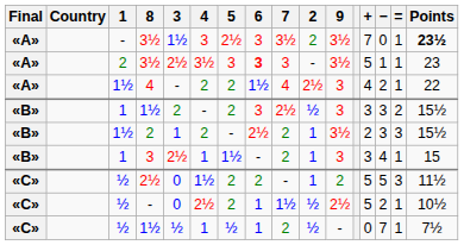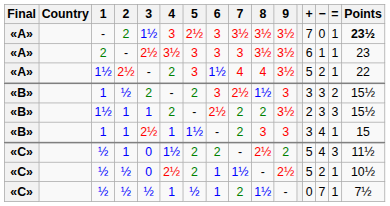 <table class="wikitable" style="text-align:center">
 <tr>
 <th>Final</th>
 <th>Country</th>
 <th>1</th>
-<th>8</th>
+<th>2</th>
 <th>3</th>
 <th>4</th>
 <th>5</th>
 <th>6</th>
 <th>7</th>
-<th>2</th>
+<th>8</th>
 <th>9</th>
 <th></th>
 <th>+</th>
 <th>−</th>
 <th>=</th>
 <th>Points</th>
 </tr>
 <tr>
 <th>«A»</th>
 <td style="text-align: left"></td>
 <td>-</td>
-<td style="color: red;">3½</td>
+<td style="color: green">2</td>
 <td style="color: blue;">1½</td>
 <td style="color: red;">3</td>
 <td style="color: red;">2½</td>
 <td style="color: red;">3</td>
 <td style="color: red;">3½</td>
-<td style="color: green">2</td>
+<td style="color: red;">3½</td>
 <td style="color: red;">3½</td>
 <th></th>
 <td>7</td>
 <td>0</td>
 <td>1</td>
 <td><strong>23½</strong></td>
 </tr>
 <tr>
 <th>«A»</th>
 <td style="text-align: left"></td>
 <td style="color: green">2</td>
-<td style="color: red;">3½</td>
+<td>-</td>
 <td style="color: red;">2½</td>
 <td style="color: red;">3½</td>
 <td style="color: red;">3</td>
-<td style="color: red;"><strong>3</strong></td>
 <td style="color: red;">3</td>
-<td>-</td>
+<td style="color: red;">3</td>
+<td style="color: red;">3½</td>
 <td style="color: red;">3½</td>
 <th></th>
-<td>5</td>
+<td>6</td>
 <td>1</td>
 <td>1</td>
 <td>23</td>
 </tr>
 <tr>
 <th>«A»</th>
 <td style="text-align: left"></td>
 <td style="color: blue;">1½</td>
-<td style="color: red;">4</td>
+<td style="color: red;">2½</td>
 <td>-</td>
 <td style="color: green">2</td>
-<td style="color: green">2</td>
+<td style="color: red;">3</td>
 <td style="color: blue;">1½</td>
 <td style="color: red;">4</td>
-<td style="color: red;">2½</td>
-<td style="color: red;">3</td>
+<td style="color: red;">4</td>
+<td style="color: red;">3½</td>
 <th></th>
-<td>4</td>
+<td>5</td>
 <td>2</td>
 <td>1</td>
 <td>22</td>
 </tr>
 <tr style="border-top:2px solid grey;">
 <th>«B»</th>
 <td style="text-align: left"></td>
 <td style="color: blue;">1</td>
-<td style="color: blue;">1½</td>
+<td style="color: blue;">½</td>
 <td style="color: green">2</td>
 <td>-</td>
 <td style="color: green">2</td>
 <td style="color: red;">3</td>
 <td style="color: red;">2½</td>
-<td style="color: blue;">½</td>
+<td style="color: blue;">1½</td>
 <td style="color: red;">3</td>
 <th></th>
 <td>3</td>
 <td>3</td>
 <td>2</td>
 <td>15½</td>
 </tr>
 <tr>
 <th>«B»</th>
 <td style="text-align: left"></td>
 <td style="color: blue;">1½</td>
-<td style="color: green">2</td>
+<td style="color: blue;">1</td>
 <td style="color: blue;">1</td>
 <td style="color: green">2</td>
 <td>-</td>
 <td style="color: red;">2½</td>
 <td style="color: green">2</td>
-<td style="color: blue;">1</td>
+<td style="color: green">2</td>
 <td style="color: red;">3½</td>
 <th></th>
 <td>2</td>
 <td>3</td>
 <td>3</td>
 <td>15½</td>
 </tr>
 <tr>
 <th>«B»</th>
 <td style="text-align: left"></td>
 <td style="color: blue;">1</td>
-<td style="color: red;">3</td>
+<td style="color: blue;">1</td>
 <td style="color: red;">2½</td>
 <td style="color: blue;">1</td>
 <td style="color: blue;">1½</td>
 <td>-</td>
 <td style="color: green">2</td>
-<td style="color: blue;">1</td>
+<td style="color: red;">3</td>
 <td style="color: red;">3</td>
 <th></th>
 <td>3</td>
 <td>4</td>
 <td>1</td>
 <td>15</td>
 </tr>
 <tr style="border-top:2px solid grey;">
 <th>«C»</th>
 <td style="text-align: left"></td>
 <td style="color: blue;">½</td>
-<td style="color: red;">2½</td>
+<td style="color: blue;">1</td>
 <td style="color: blue;">0</td>
 <td style="color: blue;">1½</td>
 <td style="color: green">2</td>
 <td style="color: green">2</td>
 <td>-</td>
-<td style="color: blue;">1</td>
+<td style="color: red;">2½</td>
 <td style="color: green">2</td>
 <th></th>
 <td>5</td>
-<td>5</td>
+<td>4</td>
 <td>3</td>
 <td>11½</td>
 </tr>
 <tr>
 <th>«C»</th>
 <td style="text-align: left"></td>
 <td style="color: blue;">½</td>
-<td>-</td>
+<td style="color: blue;">½</td>
 <td style="color: blue;">0</td>
 <td style="color: red;">2½</td>
 <td style="color: green">2</td>
 <td style="color: blue;">1</td>
 <td style="color: blue;">1½</td>
-<td style="color: blue;">½</td>
+<td>-</td>
 <td style="color: red;">2½</td>
 <th></th>
 <td>5</td>
 <td>2</td>
 <td>1</td>
 <td>10½</td>
 </tr>
 <tr>
 <th>«C»</th>
 <td style="text-align: left"></td>
 <td style="color: blue;">½</td>
-<td style="color: blue;">1½</td>
+<td style="color: blue;">½</td>
 <td style="color: blue;">½</td>
 <td style="color: blue;">1</td>
 <td style="color: blue;">½</td>
 <td style="color: blue;">1</td>
 <td style="color: green">2</td>
-<td style="color: blue;">½</td>
+<td style="color: blue;">1½</td>
 <td>-</td>
 <th></th>
 <td>0</td>
 <td>7</td>
 <td>1</td>
 <td>7½</td>
 </tr>
 </table>
